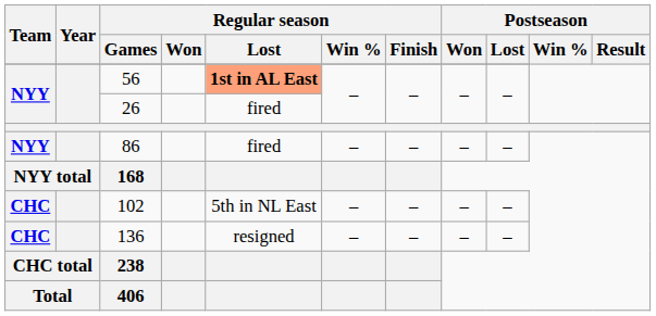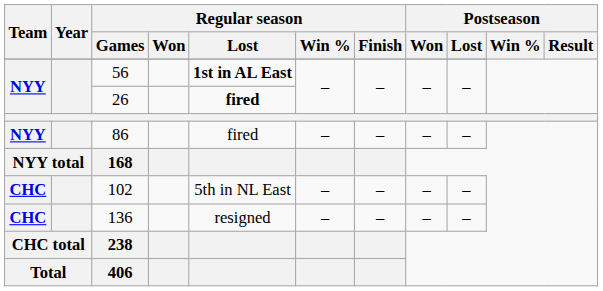 <table class="wikitable" style="font-size: 95%; text-align:center;">
 <tr>
 <th rowspan="2">Team</th>
 <th rowspan="2">Year</th>
 <th colspan="5">Regular season</th>
 <th colspan="4">Postseason</th>
 </tr>
 <tr>
 <th>Games</th>
 <th>Won</th>
 <th>Lost</th>
 <th>Win %</th>
 <th>Finish</th>
 <th>Won</th>
 <th>Lost</th>
 <th>Win %</th>
 <th>Result</th>
 </tr>
 <tr>
 </tr>
 <tr>
 <th rowspan="2"><a href='#'>NYY</a></th>
 <th rowspan="2"></th>
 <td>56</td>
 <td></td>
-<td style="background: lightsalmon;"><strong>1st in AL East</strong></td>
+<td><strong>1st in AL East</strong></td>
 <td rowspan="2">–</td>
 <td rowspan="2">–</td>
 <td rowspan="2">–</td>
 <td rowspan="2">–</td>
 </tr>
 <tr>
 <td>26</td>
 <td></td>
-<td>fired</td>
+<td><strong>fired</strong></td>
 </tr>
 <tr>
 <th colspan="11"></th>
 </tr>
 <tr>
 <th><a href='#'>NYY</a></th>
 <th></th>
 <td>86</td>
 <td></td>
 <td>fired</td>
 <td>–</td>
 <td>–</td>
 <td>–</td>
 <td>–</td>
 </tr>
 <tr>
 <th colspan="2">NYY total</th>
 <th>168</th>
 <th></th>
 <th></th>
 <th></th>
 <th></th>
 </tr>
 <tr>
 <th><a href='#'>CHC</a></th>
 <th></th>
 <td>102</td>
 <td></td>
 <td>5th in NL East</td>
 <td>–</td>
 <td>–</td>
 <td>–</td>
 <td>–</td>
 </tr>
 <tr>
 <th><a href='#'>CHC</a></th>
 <th></th>
 <td>136</td>
 <td></td>
 <td>resigned</td>
 <td>–</td>
 <td>–</td>
 <td>–</td>
 <td>–</td>
 </tr>
 <tr>
 <th colspan="2">CHC total</th>
 <th>238</th>
 <th></th>
 <th></th>
 <th></th>
 <th></th>
 </tr>
 <tr>
 <th colspan="2">Total</th>
 <th>406</th>
 <th></th>
 <th></th>
 <th></th>
 <th></th>
 </tr>
 </table>
